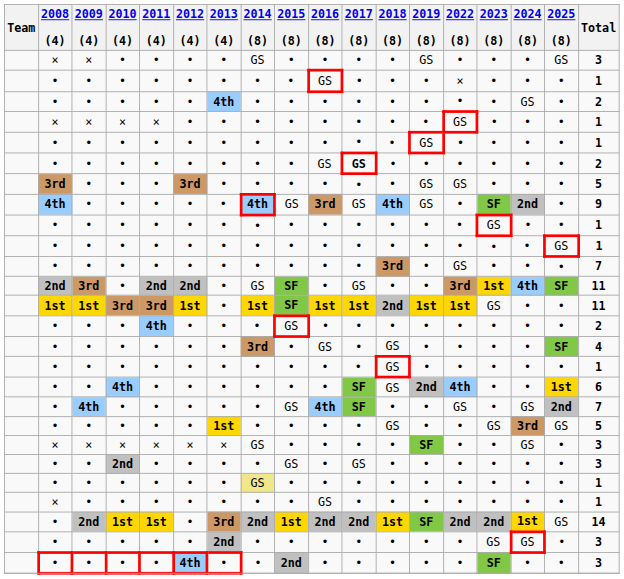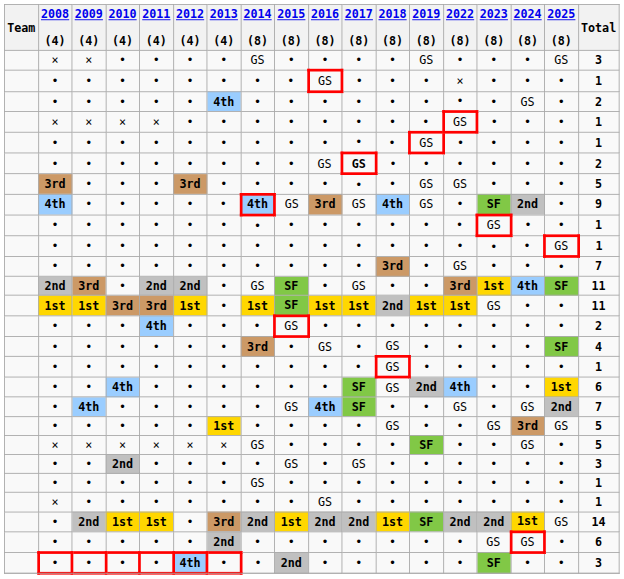 <table class="wikitable" style="text-align: center">
 <tr>
 <th>Team</th>
 <th><a href='#'>2008</a><br> <br> (4)</th>
 <th><a href='#'>2009</a><br> <br> (4)</th>
 <th><a href='#'>2010</a><br> <br> (4)</th>
 <th><a href='#'>2011</a><br> <br> (4)</th>
 <th><a href='#'>2012</a><br> <br> (4)</th>
 <th><a href='#'>2013</a><br> <br> (4)</th>
 <th><a href='#'>2014</a><br> <br> (8)</th>
 <th><a href='#'>2015</a><br> <br> (8)</th>
 <th><a href='#'>2016</a><br> <br> (8)</th>
 <th><a href='#'>2017</a><br>  <br> (8)</th>
 <th><a href='#'>2018</a><br> <br> (8)</th>
 <th><a href='#'>2019</a><br> <br> (8)</th>
 <th><a href='#'>2022</a><br> <br> (8)</th>
 <th><a href='#'>2023</a><br> <br> (8)</th>
 <th><a href='#'>2024</a><br> <br> (8)</th>
 <th><a href='#'>2025</a><br> <br> (8)</th>
 <th>Total</th>
 </tr>
 <tr>
 <td align=left></td>
 <td>×</td>
 <td>×</td>
 <td>•</td>
 <td>•</td>
 <td>•</td>
 <td>•</td>
 <td>GS</td>
 <td>•</td>
 <td>•</td>
 <td>•</td>
 <td>•</td>
 <td>GS</td>
 <td>•</td>
 <td>•</td>
 <td>•</td>
 <td>GS</td>
 <td><strong>3</strong></td>
 </tr>
 <tr>
 <td align=left></td>
 <td>•</td>
 <td>•</td>
 <td>•</td>
 <td>•</td>
 <td>•</td>
 <td>•</td>
 <td>•</td>
 <td>•</td>
 <td style="border:3px solid red">GS</td>
 <td>•</td>
 <td>•</td>
 <td>•</td>
 <td>×</td>
 <td>•</td>
 <td>•</td>
 <td>•</td>
 <td><strong>1</strong></td>
 </tr>
 <tr>
 <td align=left></td>
 <td>•</td>
 <td>•</td>
 <td>•</td>
 <td>•</td>
 <td>•</td>
 <td bgcolor=#9acdff><strong>4th</strong></td>
 <td>•</td>
 <td>•</td>
 <td>•</td>
 <td>•</td>
 <td>•</td>
 <td>•</td>
 <td>•</td>
 <td>•</td>
 <td>GS</td>
 <td>•</td>
 <td><strong>2</strong></td>
 </tr>
 <tr>
 <td align=left></td>
 <td>×</td>
 <td>×</td>
 <td>×</td>
 <td>×</td>
 <td>•</td>
 <td>•</td>
 <td>•</td>
 <td>•</td>
 <td>•</td>
 <td>•</td>
 <td>•</td>
 <td>•</td>
 <td style="border:3px solid red">GS</td>
 <td>•</td>
 <td>•</td>
 <td>•</td>
 <td><strong>1</strong></td>
 </tr>
 <tr>
 <td align=left></td>
 <td>•</td>
 <td>•</td>
 <td>•</td>
 <td>•</td>
 <td>•</td>
 <td>•</td>
 <td>•</td>
 <td>•</td>
 <td>•</td>
 <td>•</td>
 <td>•</td>
 <td style="border:3px solid red">GS</td>
 <td>•</td>
 <td>•</td>
 <td>•</td>
 <td>•</td>
 <td><strong>1</strong></td>
 </tr>
 <tr>
 <td align=left></td>
 <td>•</td>
 <td>•</td>
 <td>•</td>
 <td>•</td>
 <td>•</td>
 <td>•</td>
 <td>•</td>
 <td>•</td>
 <td>GS</td>
 <td style="border:3px solid red"><strong>GS</strong></td>
 <td>•</td>
 <td>•</td>
 <td>•</td>
 <td>•</td>
 <td>•</td>
 <td>•</td>
 <td><strong>2</strong></td>
 </tr>
 <tr>
 <td align=left></td>
 <td bgcolor=#cc9966><strong>3rd</strong></td>
 <td>•</td>
 <td>•</td>
 <td>•</td>
 <td bgcolor=#cc9966><strong>3rd</strong></td>
 <td>•</td>
 <td>•</td>
 <td>•</td>
 <td>•</td>
 <td>•</td>
 <td>•</td>
 <td>GS</td>
 <td>GS</td>
 <td>•</td>
 <td>•</td>
 <td>•</td>
 <td><strong>5</strong></td>
 </tr>
 <tr>
 <td align=left></td>
 <td bgcolor=#9acdff><strong>4th</strong></td>
 <td>•</td>
 <td>•</td>
 <td>•</td>
 <td>•</td>
 <td>•</td>
 <td style="border:3px solid red" bgcolor=#9acdff><strong>4th</strong></td>
 <td>GS</td>
 <td bgcolor=#cc9966><strong>3rd</strong></td>
 <td>GS</td>
 <td bgcolor=#9acdff><strong>4th</strong></td>
 <td>GS</td>
 <td>•</td>
 <td bgcolor=#81c846><strong>SF</strong></td>
 <td bgcolor=silver><strong>2nd</strong></td>
 <td>•</td>
 <td><strong>9</strong></td>
 </tr>
 <tr>
 <td align=left></td>
 <td>•</td>
 <td>•</td>
 <td>•</td>
 <td>•</td>
 <td>•</td>
 <td>•</td>
 <td>•</td>
 <td>•</td>
 <td>•</td>
 <td>•</td>
 <td>•</td>
 <td>•</td>
 <td>•</td>
 <td style="border:3px solid red">GS</td>
 <td>•</td>
 <td>•</td>
 <td><strong>1</strong></td>
 </tr>
 <tr>
 <td align=left></td>
 <td>•</td>
 <td>•</td>
 <td>•</td>
 <td>•</td>
 <td>•</td>
 <td>•</td>
 <td>•</td>
 <td>•</td>
 <td>•</td>
 <td>•</td>
 <td>•</td>
 <td>•</td>
 <td>•</td>
 <td>•</td>
 <td>•</td>
 <td style="border:3px solid red">GS</td>
 <td><strong>1</strong></td>
 </tr>
 <tr>
 <td align=left></td>
 <td>•</td>
 <td>•</td>
 <td>•</td>
 <td>•</td>
 <td>•</td>
 <td>•</td>
 <td>•</td>
 <td>•</td>
 <td>•</td>
 <td>•</td>
 <td bgcolor=#cc9966><strong>3rd</strong></td>
 <td>•</td>
 <td>GS</td>
 <td>•</td>
 <td>•</td>
 <td>•</td>
 <td><strong>7</strong></td>
 </tr>
 <tr>
 <td align=left></td>
 <td bgcolor=silver><strong>2nd</strong></td>
 <td bgcolor=#cc9966><strong>3rd</strong></td>
 <td>•</td>
 <td bgcolor=silver><strong>2nd</strong></td>
 <td bgcolor=silver><strong>2nd</strong></td>
 <td>•</td>
 <td>GS</td>
 <td bgcolor=#81c846><strong>SF</strong></td>
 <td>•</td>
 <td>GS</td>
 <td>•</td>
 <td>•</td>
 <td bgcolor=#cc9966><strong>3rd</strong></td>
 <td bgcolor=gold><strong>1st</strong></td>
 <td bgcolor=#9acdff><strong>4th</strong></td>
 <td bgcolor=#81c846><strong>SF</strong></td>
 <td><strong>11</strong></td>
 </tr>
 <tr>
 <td align=left></td>
 <td bgcolor=gold><strong>1st</strong></td>
 <td bgcolor=gold><strong>1st</strong></td>
 <td bgcolor=#cc9966><strong>3rd</strong></td>
 <td bgcolor=#cc9966><strong>3rd</strong></td>
 <td bgcolor=gold><strong>1st</strong></td>
 <td>•</td>
 <td bgcolor=gold><strong>1st</strong></td>
 <td bgcolor=#81c846><strong>SF</strong></td>
 <td bgcolor=gold><strong>1st</strong></td>
 <td bgcolor=gold><strong>1st</strong></td>
 <td bgcolor=silver><strong>2nd</strong></td>
 <td bgcolor=gold><strong>1st</strong></td>
 <td bgcolor=gold><strong>1st</strong></td>
 <td>GS</td>
 <td>•</td>
 <td>•</td>
 <td><strong>11</strong></td>
 </tr>
 <tr>
 <td align=left></td>
 <td>•</td>
 <td>•</td>
 <td>•</td>
 <td bgcolor=#9acdff><strong>4th</strong></td>
 <td>•</td>
 <td>•</td>
 <td>•</td>
 <td style="border:3px solid red">GS</td>
 <td>•</td>
 <td>•</td>
 <td>•</td>
 <td>•</td>
 <td>•</td>
 <td>•</td>
 <td>•</td>
 <td>•</td>
 <td><strong>2</strong></td>
 </tr>
 <tr>
 <td align=left></td>
 <td>•</td>
 <td>•</td>
 <td>•</td>
 <td>•</td>
 <td>•</td>
 <td>•</td>
 <td bgcolor=#cc9966><strong>3rd</strong></td>
 <td>•</td>
 <td>GS</td>
 <td>•</td>
 <td>GS</td>
 <td>•</td>
 <td>•</td>
 <td>•</td>
 <td>•</td>
 <td bgcolor=#81c846><strong>SF</strong></td>
 <td><strong>4</strong></td>
 </tr>
 <tr>
 <td align=left></td>
 <td>•</td>
 <td>•</td>
 <td>•</td>
 <td>•</td>
 <td>•</td>
 <td>•</td>
 <td>•</td>
 <td>•</td>
 <td>•</td>
 <td>•</td>
 <td style="border:3px solid red">GS</td>
 <td>•</td>
 <td>•</td>
 <td>•</td>
 <td>•</td>
 <td>•</td>
 <td><strong>1</strong></td>
 </tr>
 <tr>
 <td align=left></td>
 <td>•</td>
 <td>•</td>
 <td bgcolor=#9acdff><strong>4th</strong></td>
 <td>•</td>
 <td>•</td>
 <td>•</td>
 <td>•</td>
 <td>•</td>
 <td>•</td>
 <td bgcolor=#81c846><strong>SF</strong></td>
 <td>GS</td>
 <td bgcolor=silver><strong>2nd</strong></td>
 <td bgcolor=#9acdff><strong>4th</strong></td>
 <td>•</td>
 <td>•</td>
 <td bgcolor=gold><strong>1st</strong></td>
 <td><strong>6</strong></td>
 </tr>
 <tr>
 <td align=left></td>
 <td>•</td>
 <td bgcolor=#9acdff><strong>4th</strong></td>
 <td>•</td>
 <td>•</td>
 <td>•</td>
 <td>•</td>
 <td>•</td>
 <td>GS</td>
 <td bgcolor=#9acdff><strong>4th</strong></td>
 <td bgcolor=#81c846><strong>SF</strong></td>
 <td>•</td>
 <td>•</td>
 <td>GS</td>
 <td>•</td>
 <td>GS</td>
 <td bgcolor=silver><strong>2nd</strong></td>
 <td><strong>7</strong></td>
 </tr>
 <tr>
 <td align=left></td>
 <td>•</td>
 <td>•</td>
 <td>•</td>
 <td>•</td>
 <td>•</td>
 <td bgcolor=gold><strong>1st</strong></td>
 <td>•</td>
 <td>•</td>
 <td>•</td>
 <td>•</td>
 <td>GS</td>
 <td>•</td>
 <td>•</td>
 <td>GS</td>
 <td bgcolor=#cc9966><strong>3rd</strong></td>
 <td>GS</td>
 <td><strong>5</strong></td>
 </tr>
 <tr>
 <td align=left></td>
 <td>×</td>
 <td>×</td>
 <td>×</td>
 <td>×</td>
 <td>×</td>
 <td>×</td>
 <td>GS</td>
 <td>•</td>
 <td>•</td>
 <td>•</td>
 <td>•</td>
 <td bgcolor=#81c846><strong>SF</strong></td>
 <td>•</td>
 <td>•</td>
 <td>GS</td>
 <td>•</td>
-<td><strong>3</strong></td>
+<td><strong>5</strong></td>
 </tr>
 <tr>
 <td align=left></td>
 <td>•</td>
 <td>•</td>
 <td bgcolor=silver><strong>2nd</strong></td>
 <td>•</td>
 <td>•</td>
 <td>•</td>
 <td>•</td>
 <td>GS</td>
 <td>•</td>
 <td>GS</td>
 <td>•</td>
 <td>•</td>
 <td>•</td>
 <td>•</td>
 <td>•</td>
 <td>•</td>
 <td><strong>3</strong></td>
 </tr>
 <tr>
 <td align=left></td>
 <td>•</td>
 <td>•</td>
 <td>•</td>
 <td>•</td>
 <td>•</td>
 <td>•</td>
-<td style="background: khaki;">GS</td>
+<td>GS</td>
 <td>•</td>
 <td>•</td>
 <td>•</td>
 <td>•</td>
 <td>•</td>
 <td>•</td>
 <td>•</td>
 <td>•</td>
 <td>•</td>
 <td><strong>1</strong></td>
 </tr>
 <tr>
 <td align=left></td>
 <td>×</td>
 <td>•</td>
 <td>•</td>
 <td>•</td>
 <td>•</td>
 <td>•</td>
 <td>•</td>
 <td>•</td>
 <td>GS</td>
 <td>•</td>
 <td>•</td>
 <td>•</td>
 <td>•</td>
 <td>•</td>
 <td>•</td>
 <td>•</td>
 <td><strong>1</strong></td>
 </tr>
 <tr>
 <td align=left></td>
 <td>•</td>
 <td bgcolor=silver><strong>2nd</strong></td>
 <td bgcolor=gold><strong>1st</strong></td>
 <td bgcolor=gold><strong>1st</strong></td>
 <td>•</td>
 <td bgcolor=#cc9966><strong>3rd</strong></td>
 <td bgcolor=silver><strong>2nd</strong></td>
 <td bgcolor=gold><strong>1st</strong></td>
 <td bgcolor=silver><strong>2nd</strong></td>
 <td bgcolor=silver><strong>2nd</strong></td>
 <td bgcolor=gold><strong>1st</strong></td>
 <td bgcolor=#81c846><strong>SF</strong></td>
 <td bgcolor=silver><strong>2nd</strong></td>
 <td bgcolor=silver><strong>2nd</strong></td>
 <td bgcolor=gold><strong>1st</strong></td>
 <td>GS</td>
 <td><strong>14</strong></td>
 </tr>
 <tr>
 <td align=left></td>
 <td>•</td>
 <td>•</td>
 <td>•</td>
 <td>•</td>
 <td>•</td>
 <td bgcolor=silver><strong>2nd</strong></td>
 <td>•</td>
 <td>•</td>
 <td>•</td>
 <td>•</td>
 <td>•</td>
 <td>•</td>
 <td>•</td>
 <td>GS</td>
 <td style="border:3px solid red">GS</td>
 <td>•</td>
-<td><strong>3</strong></td>
+<td><strong>6</strong></td>
 </tr>
 <tr>
 <td align=left></td>
 <td style="border:3px solid red">•</td>
 <td style="border:3px solid red">•</td>
 <td style="border:3px solid red">•</td>
 <td style="border:3px solid red">•</td>
 <td style="border:3px solid red" bgcolor=#9acdff><strong>4th</strong></td>
 <td style="border:3px solid red">•</td>
 <td>•</td>
 <td bgcolor=silver><strong>2nd</strong></td>
 <td>•</td>
 <td>•</td>
 <td>•</td>
 <td>•</td>
 <td>•</td>
 <td bgcolor=#81c846><strong>SF</strong></td>
 <td>•</td>
 <td>•</td>
 <td><strong>3</strong></td>
 </tr>
 <tr>
 </tr>
 </table>
